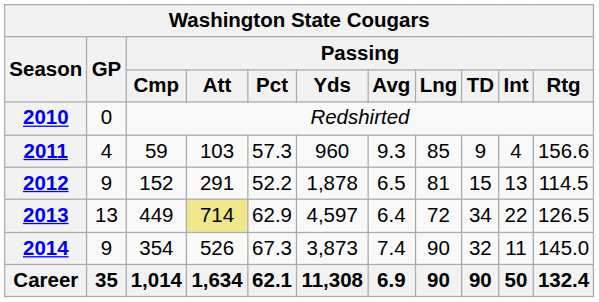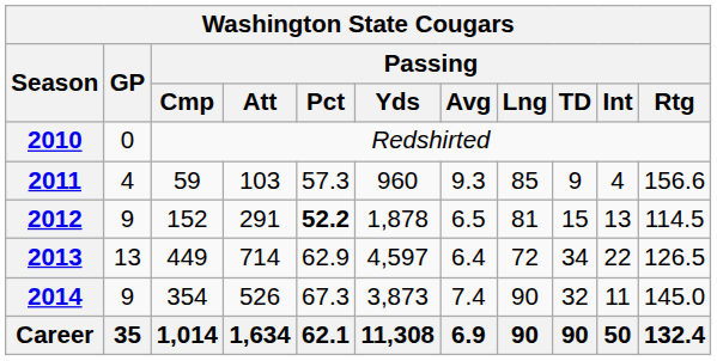 <table class="wikitable" style="text-align: center;">
 <tr>
 <th colspan="13">Washington State Cougars</th>
 </tr>
 <tr>
 <th rowspan="2">Season</th>
 <th rowspan="2">GP</th>
 <th colspan="9">Passing</th>
 </tr>
 <tr>
 <th>Cmp</th>
 <th>Att</th>
 <th>Pct</th>
 <th>Yds</th>
 <th>Avg</th>
 <th>Lng</th>
 <th>TD</th>
 <th>Int</th>
 <th>Rtg</th>
 </tr>
 <tr>
 <th><a href='#'>2010</a></th>
 <td>0</td>
 <td colspan="9"><em>Redshirted</em></td>
 </tr>
 <tr>
 <th><a href='#'>2011</a></th>
 <td>4</td>
 <td>59</td>
 <td>103</td>
 <td>57.3</td>
 <td>960</td>
 <td>9.3</td>
 <td>85</td>
 <td>9</td>
 <td>4</td>
 <td>156.6</td>
 </tr>
 <tr>
 <th><a href='#'>2012</a></th>
 <td>9</td>
 <td>152</td>
 <td>291</td>
-<td>52.2</td>
+<td><strong>52.2</strong></td>
 <td>1,878</td>
 <td>6.5</td>
 <td>81</td>
 <td>15</td>
 <td>13</td>
 <td>114.5</td>
 </tr>
 <tr>
 <th><a href='#'>2013</a></th>
 <td>13</td>
 <td>449</td>
-<td style="background: khaki;">714</td>
+<td>714</td>
 <td>62.9</td>
 <td>4,597</td>
 <td>6.4</td>
 <td>72</td>
 <td>34</td>
 <td>22</td>
 <td>126.5</td>
 </tr>
 <tr>
 <th><a href='#'>2014</a></th>
 <td>9</td>
 <td>354</td>
 <td>526</td>
 <td>67.3</td>
 <td>3,873</td>
 <td>7.4</td>
 <td>90</td>
 <td>32</td>
 <td>11</td>
 <td>145.0</td>
 </tr>
 <tr>
 <th>Career</th>
 <th>35</th>
 <th>1,014</th>
 <th>1,634</th>
 <th>62.1</th>
 <th>11,308</th>
 <th>6.9</th>
 <th>90</th>
 <th>90</th>
 <th>50</th>
 <th>132.4</th>
 </tr>
 </table>
